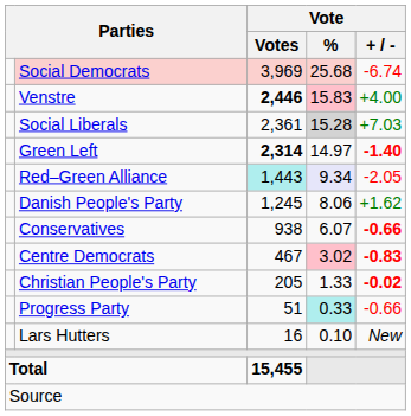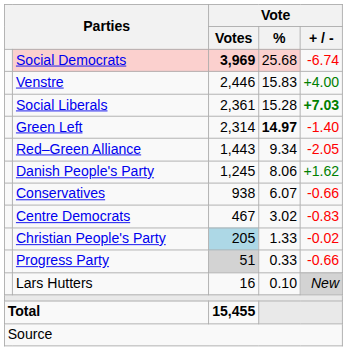 <table class="wikitable" style="text-align:right;">
 <tr>
 <th style="text-align:centre;" rowspan="2" colspan="2" width="225">Parties</th>
 <th colspan="3">Vote</th>
 </tr>
 <tr>
 <th width="15">Votes</th>
 <th width="15">%</th>
 <th width="15">+ / -</th>
 </tr>
 <tr>
 <td width="2" style="color:inherit;background:"></td>
 <td bgcolor=#fbd0ce  align="left"><a href='#'>Social Democrats</a></td>
-<td bgcolor=#fbd0ce>3,969</td>
+<td bgcolor=#fbd0ce><strong>3,969</strong></td>
 <td bgcolor=#fbd0ce>25.68</td>
 <td style=color:red;>-6.74</td>
 </tr>
 <tr>
 <td width="2" style="color:inherit;background:"></td>
 <td align="left"><a href='#'>Venstre</a></td>
-<td><strong>2,446</strong></td>
-<td style="background: pink;">15.83</td>
+<td>2,446</td>
+<td>15.83</td>
 <td style=color:green;>+4.00</td>
 </tr>
 <tr>
 <td width="2" style="color:inherit;background:"></td>
 <td align="left"><a href='#'>Social Liberals</a></td>
 <td>2,361</td>
-<td style="background: lightgrey;">15.28</td>
-<td style=color:green;>+7.03</td>
+<td>15.28</td>
+<td style=color:green;><strong>+7.03</strong></td>
 </tr>
 <tr>
 <td width="2" style="color:inherit;background:"></td>
 <td align="left"><a href='#'>Green Left</a></td>
-<td><strong>2,314</strong></td>
-<td>14.97</td>
-<td style=color:red;><strong>-1.40</strong></td>
+<td>2,314</td>
+<td><strong>14.97</strong></td>
+<td style=color:red;>-1.40</td>
 </tr>
 <tr>
 <td width="2" style="color:inherit;background:"></td>
 <td align="left"><a href='#'>Red–Green Alliance</a></td>
-<td style="background: paleturquoise;">1,443</td>
-<td style="background: lavender;">9.34</td>
+<td>1,443</td>
+<td>9.34</td>
 <td style=color:red;>-2.05</td>
 </tr>
 <tr>
 <td width="2" style="color:inherit;background:"></td>
 <td align="left"><a href='#'>Danish People's Party</a></td>
 <td>1,245</td>
 <td>8.06</td>
 <td style=color:green;>+1.62</td>
 </tr>
 <tr>
 <td width="2" style="color:inherit;background:"></td>
 <td align="left"><a href='#'>Conservatives</a></td>
 <td>938</td>
 <td>6.07</td>
-<td style=color:red;><strong>-0.66</strong></td>
+<td style=color:red;>-0.66</td>
 </tr>
 <tr>
 <td width="2" style="color:inherit;background:"></td>
 <td align="left"><a href='#'>Centre Democrats</a></td>
 <td>467</td>
-<td style="background: pink;">3.02</td>
-<td style=color:red;><strong>-0.83</strong></td>
+<td>3.02</td>
+<td style=color:red;>-0.83</td>
 </tr>
 <tr>
 <td width="2" style="color:inherit;background:"></td>
 <td align="left"><a href='#'>Christian People's Party</a></td>
-<td>205</td>
+<td style="background: lightblue;">205</td>
 <td>1.33</td>
-<td style=color:red;><strong>-0.02</strong></td>
+<td style=color:red;>-0.02</td>
 </tr>
 <tr>
 <td width="2" style="color:inherit;background:"></td>
 <td align="left"><a href='#'>Progress Party</a></td>
-<td>51</td>
-<td style="background: paleturquoise;">0.33</td>
+<td style="background: lightgrey;">51</td>
+<td>0.33</td>
 <td style=color:red;>-0.66</td>
 </tr>
 <tr>
 <td width="2" style="color:inherit;background:"></td>
 <td align="left">Lars Hutters</td>
 <td>16</td>
 <td>0.10</td>
-<td><em>New</em></td>
+<td style="background: lightgrey;"><em>New</em></td>
 </tr>
 <tr>
 <td colspan="7" bgcolor="#E9E9E9"></td>
 </tr>
 <tr>
 <td align="left" colspan="2"><strong>Total</strong></td>
 <td><strong>15,455</strong></td>
 <td bgcolor="#E9E9E9" colspan="2"></td>
 </tr>
 <tr>
 <td align="left" colspan="6">Source</td>
 </tr>
 </table>
